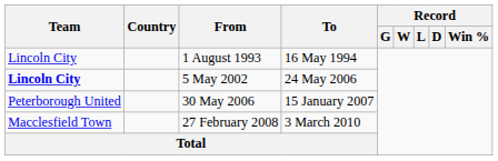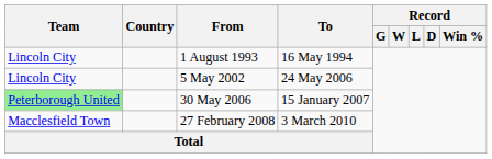 <table class="wikitable">
 <tr>
 <th rowspan=2>Team</th>
 <th rowspan=2>Country</th>
 <th rowspan=2>From</th>
 <th rowspan=2>To</th>
 <th colspan=5>Record</th>
 </tr>
 <tr>
 <th>G</th>
 <th>W</th>
 <th>L</th>
 <th>D</th>
 <th>Win %</th>
 </tr>
 <tr>
 <td><a href='#'>Lincoln City</a></td>
 <td></td>
 <td>1 August 1993</td>
 <td>16 May 1994<br></td>
 </tr>
 <tr>
-<td><strong><a href='#'>Lincoln City</a></strong></td>
+<td><a href='#'>Lincoln City</a></td>
 <td></td>
 <td>5 May 2002</td>
 <td>24 May 2006<br></td>
 </tr>
 <tr>
-<td><a href='#'>Peterborough United</a></td>
+<td style="background: lightgreen;"><a href='#'>Peterborough United</a></td>
 <td></td>
 <td>30 May 2006</td>
 <td>15 January 2007<br></td>
 </tr>
 <tr>
 <td><a href='#'>Macclesfield Town</a></td>
 <td></td>
 <td>27 February 2008</td>
 <td>3 March 2010<br></td>
 </tr>
 <tr>
 <th colspan=4>Total<br></th>
 </tr>
 </table>
